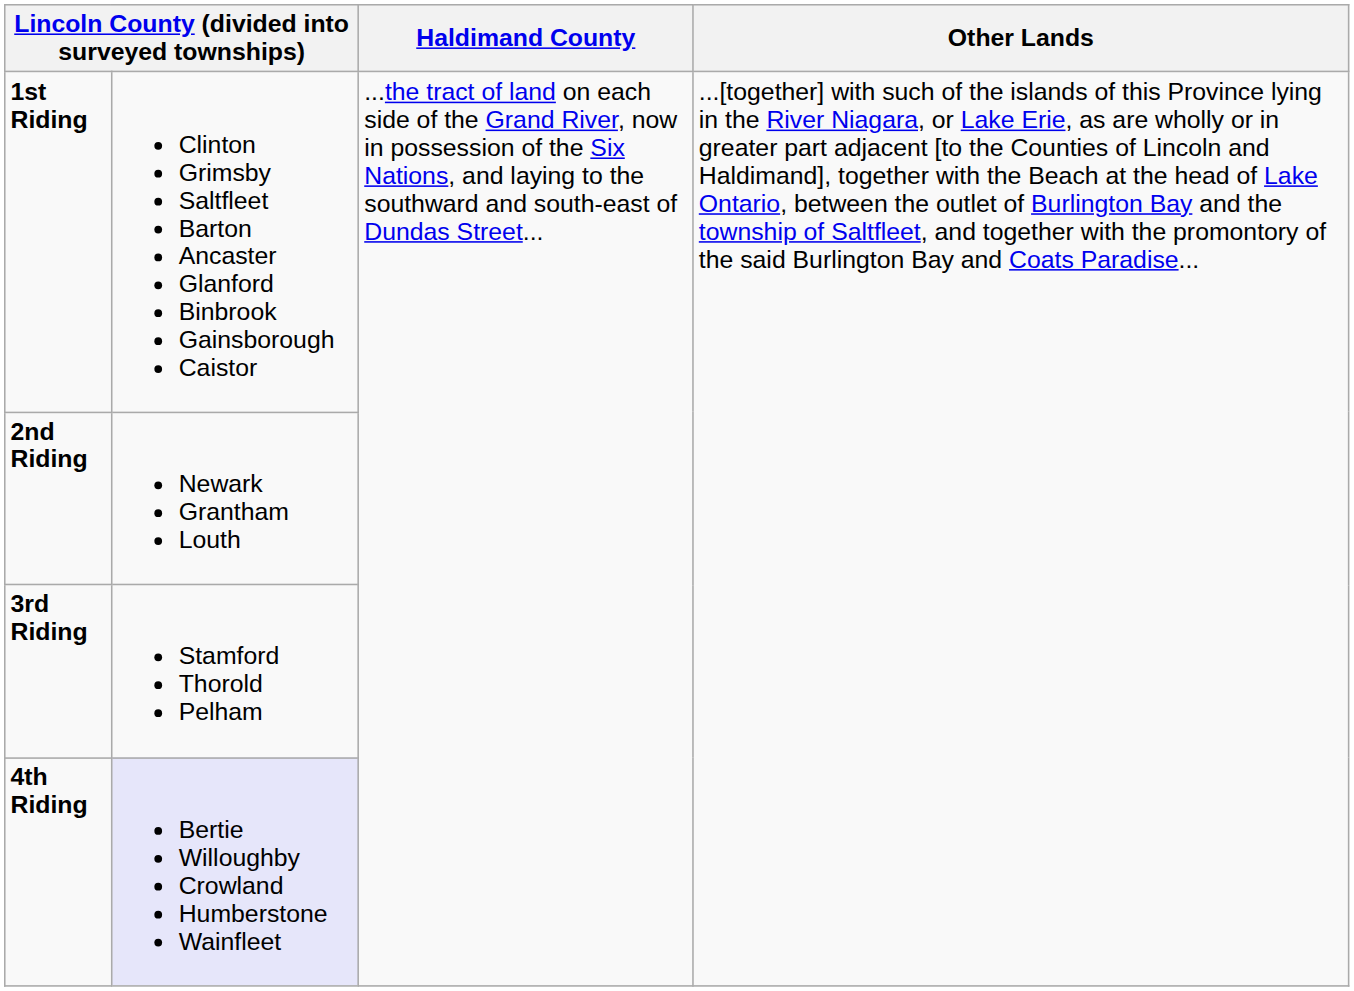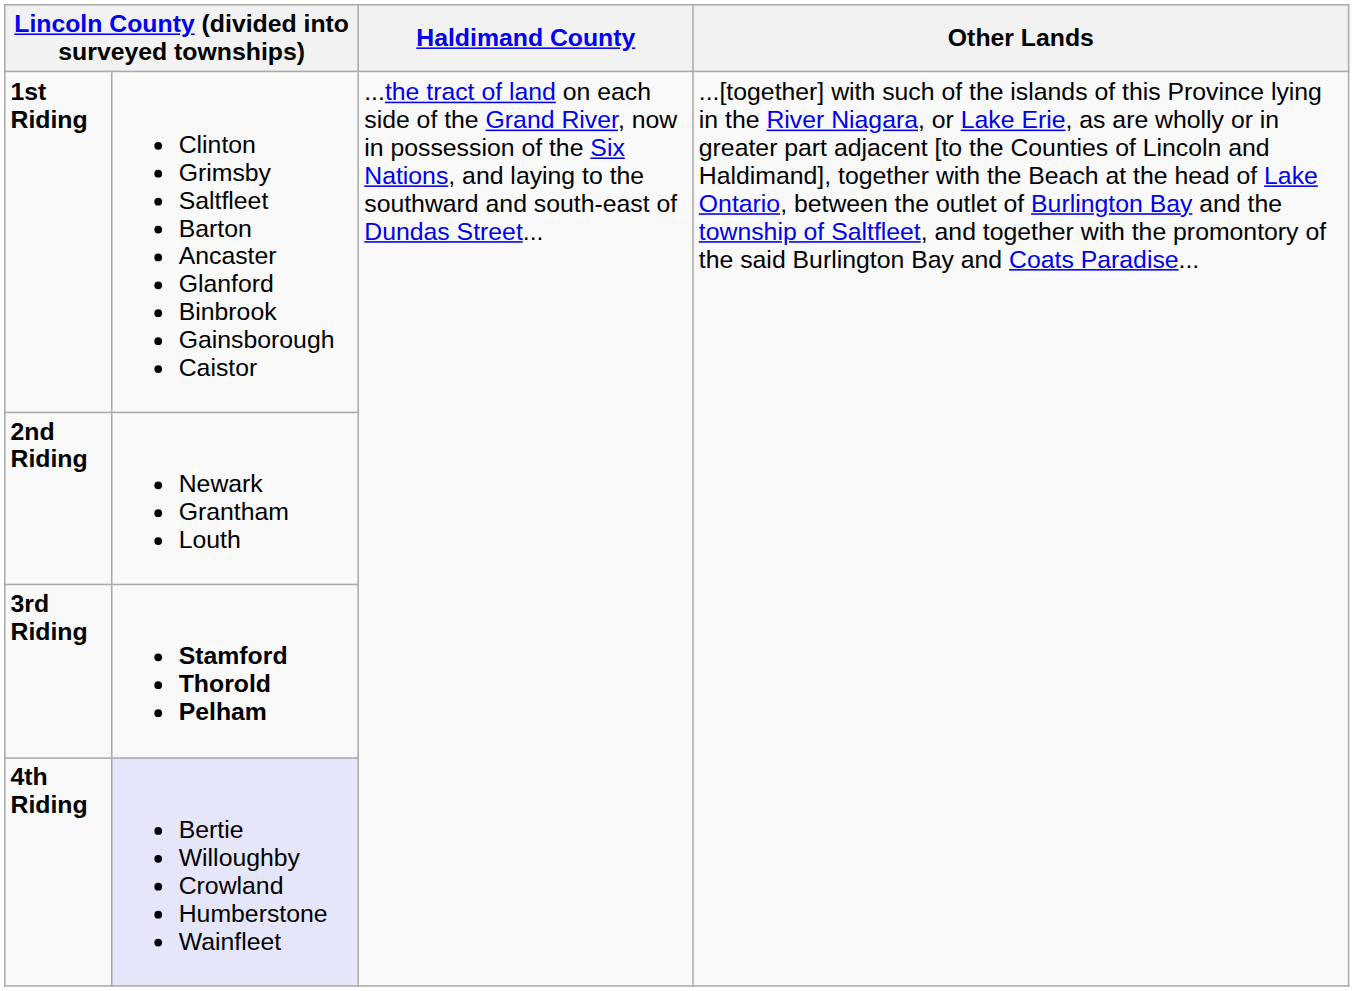 <table class="wikitable">
 <tr>
 <th colspan="2"><a href='#'>Lincoln County</a> (divided into surveyed townships)</th>
 <th><a href='#'>Haldimand County</a></th>
 <th>Other Lands</th>
 </tr>
 <tr valign="top">
 <td><strong>1st Riding</strong></td>
 <td><br><ul><li>Clinton</li><li>Grimsby</li><li>Saltfleet</li><li>Barton</li><li>Ancaster</li><li>Glanford</li><li>Binbrook</li><li>Gainsborough</li><li>Caistor</li></ul></td>
 <td rowspan="4">...<a href='#'>the tract of land</a> on each side of the <a href='#'>Grand River</a>, now in possession of the <a href='#'>Six Nations</a>, and laying to the southward and south-east of <a href='#'>Dundas Street</a>...</td>
 <td rowspan="4">...[together] with such of the islands of this Province lying in the <a href='#'>River Niagara</a>, or <a href='#'>Lake Erie</a>, as are wholly or in greater part adjacent [to the Counties of Lincoln and Haldimand], together with the Beach at the head of <a href='#'>Lake Ontario</a>, between the outlet of <a href='#'>Burlington Bay</a> and the <a href='#'>township of Saltfleet</a>, and together with the promontory of the said Burlington Bay and <a href='#'>Coats Paradise</a>...</td>
 </tr>
 <tr valign="top">
 <td><strong>2nd Riding</strong></td>
 <td><br><ul><li>Newark</li><li>Grantham</li><li>Louth</li></ul></td>
 </tr>
 <tr valign="top">
 <td><strong>3rd Riding</strong></td>
-<td><br><ul><li>Stamford</li><li>Thorold</li><li>Pelham</li></ul></td>
+<td><strong><br><ul><li>Stamford</li><li>Thorold</li><li>Pelham</li></ul></strong></td>
 </tr>
 <tr valign="top">
 <td><strong>4th Riding</strong></td>
 <td style="background: lavender;"><br><ul><li>Bertie</li><li>Willoughby</li><li>Crowland</li><li>Humberstone</li><li>Wainfleet</li></ul></td>
 </tr>
 </table>
